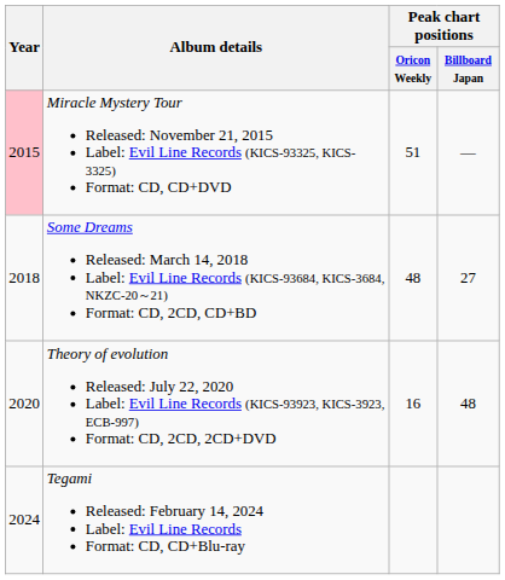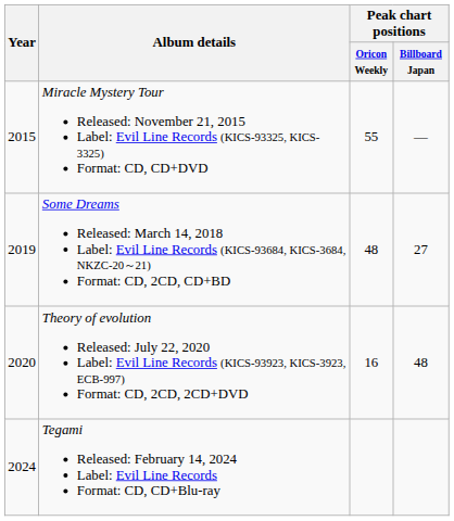 <table class="wikitable" border="1">
 <tr>
 <th rowspan="2">Year</th>
 <th rowspan="2" width="350">Album details</th>
 <th colspan="2">Peak chart positions</th>
 </tr>
 <tr>
 <th style="width:3em;font-size:90%;line-height:1.3"><small><a href='#'>Oricon</a><br>Weekly</small></th>
 <th style="width:4em;font-size:90%;line-height:1.3"><small><a href='#'>Billboard</a><br>Japan</small></th>
 </tr>
 <tr>
-<td rowspan="1" style="background: pink;">2015</td>
+<td rowspan="1">2015</td>
 <td align="left"><em>Miracle Mystery Tour</em><br><ul><li>Released: November 21, 2015</li><li>Label: <a href='#'>Evil Line Records</a> <small>(KICS-93325, KICS-3325)</small></li><li>Format: CD, CD+DVD</li></ul></td>
-<td align="center">51</td>
+<td align="center">55</td>
 <td align="center">—</td>
 </tr>
 <tr>
-<td rowspan="1">2018</td>
+<td rowspan="1">2019</td>
 <td align="left"><em><a href='#'>Some Dreams</a></em><br><ul><li>Released: March 14, 2018</li><li>Label: <a href='#'>Evil Line Records</a> <small>(KICS-93684, KICS-3684, NKZC-20～21)</small></li><li>Format: CD, 2CD, CD+BD</li></ul></td>
 <td align="center">48</td>
 <td align="center">27</td>
 </tr>
 <tr>
 <td rowspan="1">2020</td>
 <td align="left"><em>Theory of evolution</em><br><ul><li>Released: July 22, 2020</li><li>Label: <a href='#'>Evil Line Records</a> <small>(KICS-93923, KICS-3923, ECB-997)</small></li><li>Format: CD, 2CD, 2CD+DVD</li></ul></td>
 <td align="center">16</td>
 <td align="center">48</td>
 </tr>
 <tr>
 <td rowspan="1">2024</td>
 <td align="left"><em>Tegami</em><br><ul><li>Released: February 14, 2024</li><li>Label: <a href='#'>Evil Line Records</a></li><li>Format: CD, CD+Blu-ray</li></ul></td>
 <td align="center"></td>
 <td align="center"></td>
 </tr>
 </table>
